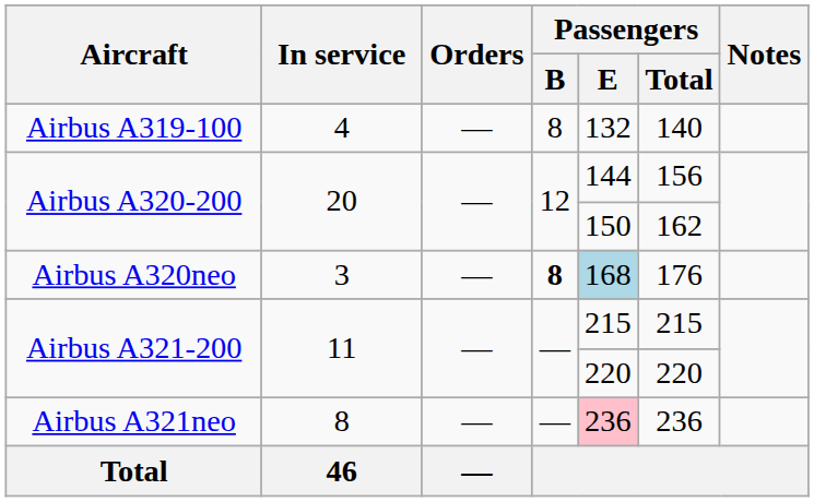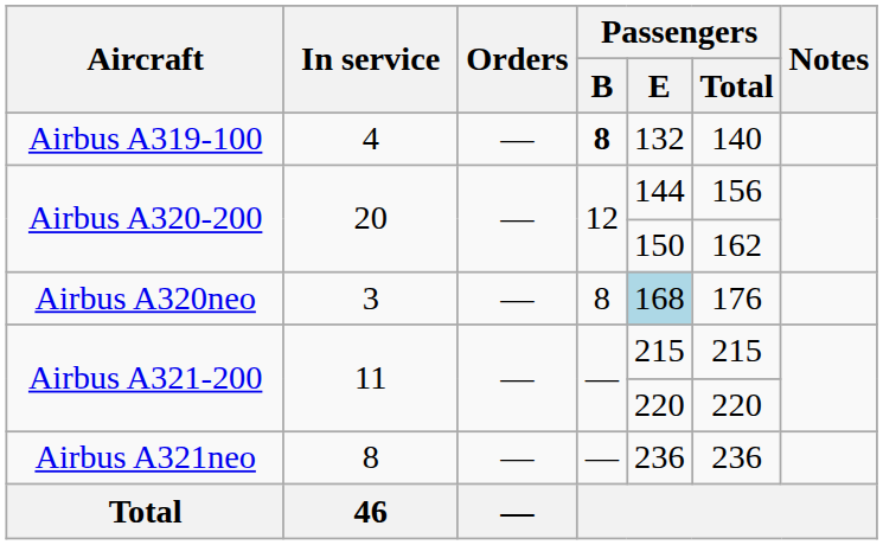 <table class="wikitable" style="border-collapse:collapse;text-align:center;margin:auto;">
 <tr>
 <th rowspan="2" width="125px;">Aircraft</th>
 <th rowspan="2" width="75px;">In service</th>
 <th rowspan="2" width="50px;">Orders</th>
 <th colspan="3">Passengers</th>
 <th rowspan="2">Notes</th>
 </tr>
 <tr>
 <th><abbr>B</abbr></th>
 <th><abbr>E</abbr></th>
 <th>Total</th>
 </tr>
 <tr>
 <td><a href='#'>Airbus A319-100</a></td>
 <td>4</td>
 <td>—</td>
-<td>8</td>
+<td><strong>8</strong></td>
 <td>132</td>
 <td>140</td>
 <td></td>
 </tr>
 <tr>
 <td rowspan="2"><a href='#'>Airbus A320-200</a></td>
 <td rowspan="2">20</td>
 <td rowspan="2">—</td>
 <td rowspan="2">12</td>
 <td>144</td>
 <td>156</td>
 <td rowspan="2"></td>
 </tr>
 <tr>
 <td>150</td>
 <td>162</td>
 </tr>
 <tr>
 <td><a href='#'>Airbus A320neo</a></td>
 <td>3</td>
 <td>—</td>
-<td><strong>8</strong></td>
+<td>8</td>
 <td style="background: lightblue;">168</td>
 <td>176</td>
 <td></td>
 </tr>
 <tr>
 <td rowspan="2"><a href='#'>Airbus A321-200</a></td>
 <td rowspan="2">11</td>
 <td rowspan="2">—</td>
 <td rowspan="2">—</td>
 <td>215</td>
 <td>215</td>
 <td rowspan="2"></td>
 </tr>
 <tr>
 <td>220</td>
 <td>220</td>
 </tr>
 <tr>
 <td><a href='#'>Airbus A321neo</a></td>
 <td>8</td>
 <td>—</td>
 <td>—</td>
-<td style="background: pink;">236</td>
+<td>236</td>
 <td>236</td>
 <td></td>
 </tr>
 <tr>
 <th>Total</th>
 <th>46</th>
 <th>—</th>
 <th colspan="4"></th>
 </tr>
 </table>
